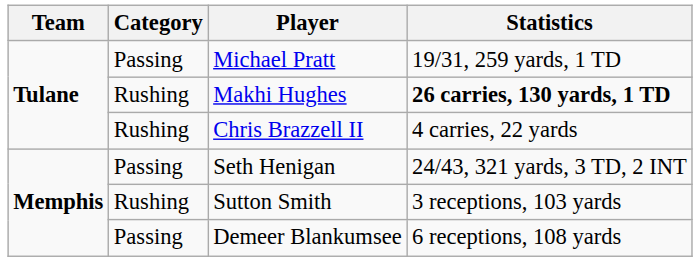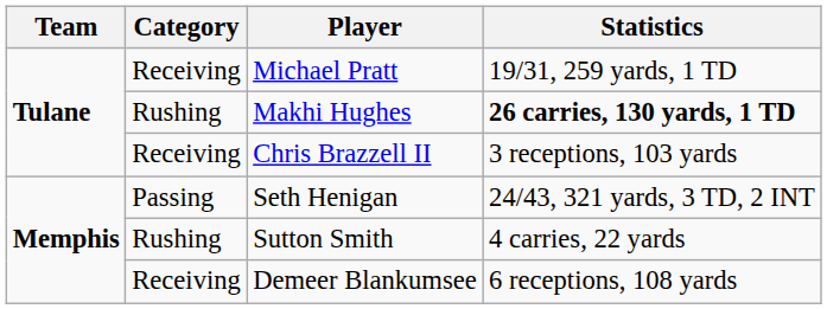 <table class="wikitable" style="float: right;">
 <tr>
 <th>Team</th>
 <th>Category</th>
 <th>Player</th>
 <th>Statistics</th>
 </tr>
 <tr>
 <td rowspan=3><strong>Tulane</strong></td>
-<td>Passing</td>
+<td>Receiving</td>
 <td><a href='#'>Michael Pratt</a></td>
 <td>19/31, 259 yards, 1 TD</td>
 </tr>
 <tr>
 <td>Rushing</td>
 <td><a href='#'>Makhi Hughes</a></td>
 <td><strong>26 carries, 130 yards, 1 TD</strong></td>
 </tr>
 <tr>
-<td>Rushing</td>
+<td>Receiving</td>
 <td><a href='#'>Chris Brazzell II</a></td>
-<td>4 carries, 22 yards</td>
+<td>3 receptions, 103 yards</td>
 </tr>
 <tr>
 <td rowspan=3><strong>Memphis</strong></td>
 <td>Passing</td>
 <td>Seth Henigan</td>
 <td>24/43, 321 yards, 3 TD, 2 INT</td>
 </tr>
 <tr>
 <td>Rushing</td>
 <td>Sutton Smith</td>
-<td>3 receptions, 103 yards</td>
+<td>4 carries, 22 yards</td>
 </tr>
 <tr>
-<td>Passing</td>
+<td>Receiving</td>
 <td>Demeer Blankumsee</td>
 <td>6 receptions, 108 yards</td>
 </tr>
 </table>
